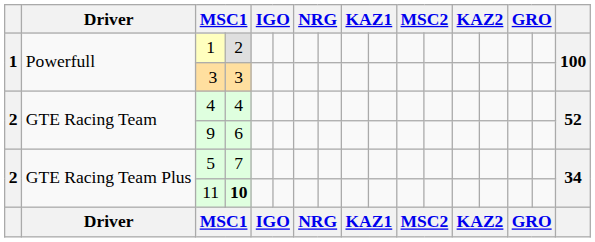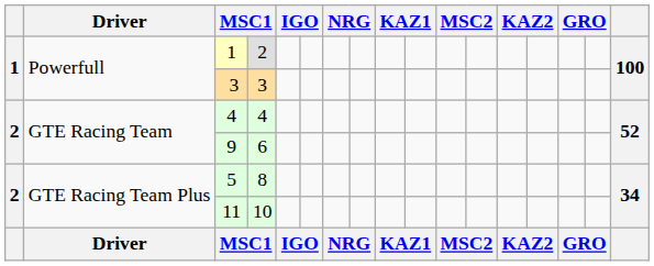 <table align=left| class="wikitable" style="font-size: 85%; text-align: center">
 <tr valign="top">
 <th valign="middle"></th>
 <th valign="middle">Driver</th>
 <th colspan=2><a href='#'>MSC1</a></th>
 <th colspan=2><a href='#'>IGO</a></th>
 <th colspan=2><a href='#'>NRG</a></th>
 <th colspan=2><a href='#'>KAZ1</a></th>
 <th colspan=2><a href='#'>MSC2</a></th>
 <th colspan=2><a href='#'>KAZ2</a></th>
 <th colspan=2><a href='#'>GRO</a></th>
 <th valign="middle"></th>
 </tr>
 <tr>
 <th rowspan="2">1</th>
 <td rowspan="2" align=left>Powerfull</td>
 <td style="background:#ffffbf;">1</td>
 <td style="background:#dfdfdf;">2</td>
 <td></td>
 <td></td>
 <td></td>
 <td></td>
 <td></td>
 <td></td>
 <td></td>
 <td></td>
 <td></td>
 <td></td>
 <td></td>
 <td></td>
 <th rowspan="2">100</th>
 </tr>
 <tr>
 <td style="background:#ffdf9f;">  3 </td>
 <td style="background:#ffdf9f;">3</td>
 <td></td>
 <td></td>
 <td></td>
 <td></td>
 <td></td>
 <td></td>
 <td></td>
 <td></td>
 <td></td>
 <td></td>
 <td></td>
 <td></td>
 </tr>
 <tr>
 <th rowspan="2">2</th>
 <td rowspan="2" align=left>GTE Racing Team</td>
 <td style="background:#dfffdf;">4</td>
 <td style="background:#dfffdf;">4</td>
 <td></td>
 <td></td>
 <td></td>
 <td></td>
 <td></td>
 <td></td>
 <td></td>
 <td></td>
 <td></td>
 <td></td>
 <td></td>
 <td></td>
 <th rowspan="2">52</th>
 </tr>
 <tr>
 <td style="background:#dfffdf;">9</td>
 <td style="background:#dfffdf;">6</td>
 <td></td>
 <td></td>
 <td></td>
 <td></td>
 <td></td>
 <td></td>
 <td></td>
 <td></td>
 <td></td>
 <td></td>
 <td></td>
 <td></td>
 </tr>
 <tr>
 <th rowspan="2">2</th>
 <td rowspan="2" align=left>GTE Racing Team Plus</td>
 <td style="background:#dfffdf;">5</td>
-<td style="background:#dfffdf;">7</td>
+<td style="background:#dfffdf;">8</td>
 <td></td>
 <td></td>
 <td></td>
 <td></td>
 <td></td>
 <td></td>
 <td></td>
 <td></td>
 <td></td>
 <td></td>
 <td></td>
 <td></td>
 <th rowspan="2">34</th>
 </tr>
 <tr>
 <td style="background:#dfffdf;">11</td>
-<td style="background:#dfffdf;"><strong>10</strong></td>
+<td style="background:#dfffdf;">10</td>
 <td></td>
 <td></td>
 <td></td>
 <td></td>
 <td></td>
 <td></td>
 <td></td>
 <td></td>
 <td></td>
 <td></td>
 <td></td>
 <td></td>
 </tr>
 <tr>
 <th valign="middle"></th>
 <th valign="middle">Driver</th>
 <th colspan=2><a href='#'>MSC1</a></th>
 <th colspan=2><a href='#'>IGO</a></th>
 <th colspan=2><a href='#'>NRG</a></th>
 <th colspan=2><a href='#'>KAZ1</a></th>
 <th colspan=2><a href='#'>MSC2</a></th>
 <th colspan=2><a href='#'>KAZ2</a></th>
 <th colspan=2><a href='#'>GRO</a></th>
 <th valign="middle"></th>
 </tr>
 </table>
